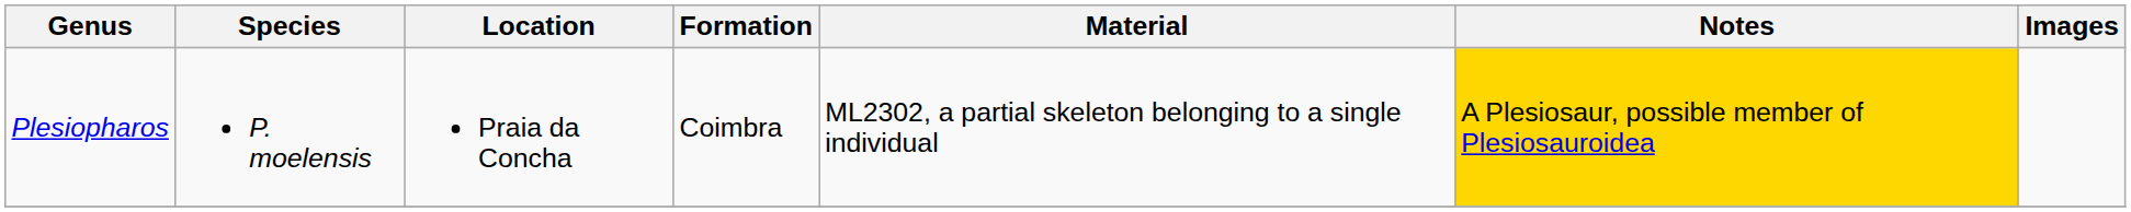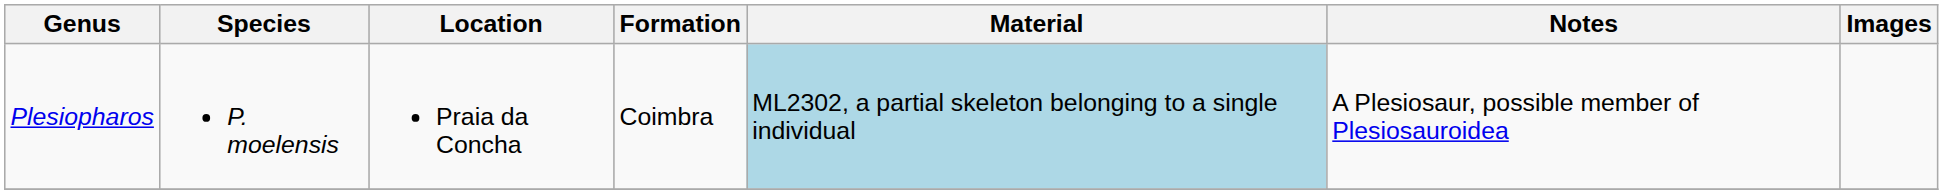 <table class="wikitable">
 <tr>
 <th>Genus</th>
 <th>Species</th>
 <th>Location</th>
 <th>Formation</th>
 <th>Material</th>
 <th>Notes</th>
 <th>Images</th>
 </tr>
 <tr>
 <td><em><a href='#'>Plesiopharos</a></em></td>
 <td><br><ul><li><em>P. moelensis</em></li></ul></td>
 <td><br><ul><li>Praia da Concha</li></ul></td>
 <td>Coimbra</td>
-<td>ML2302, a partial skeleton belonging to a single individual</td>
-<td style="background: gold;">A Plesiosaur, possible member of <a href='#'>Plesiosauroidea</a></td>
+<td style="background: lightblue;">ML2302, a partial skeleton belonging to a single individual</td>
+<td>A Plesiosaur, possible member of <a href='#'>Plesiosauroidea</a></td>
 <td></td>
 </tr>
 <tr>
 </tr>
 </table>
